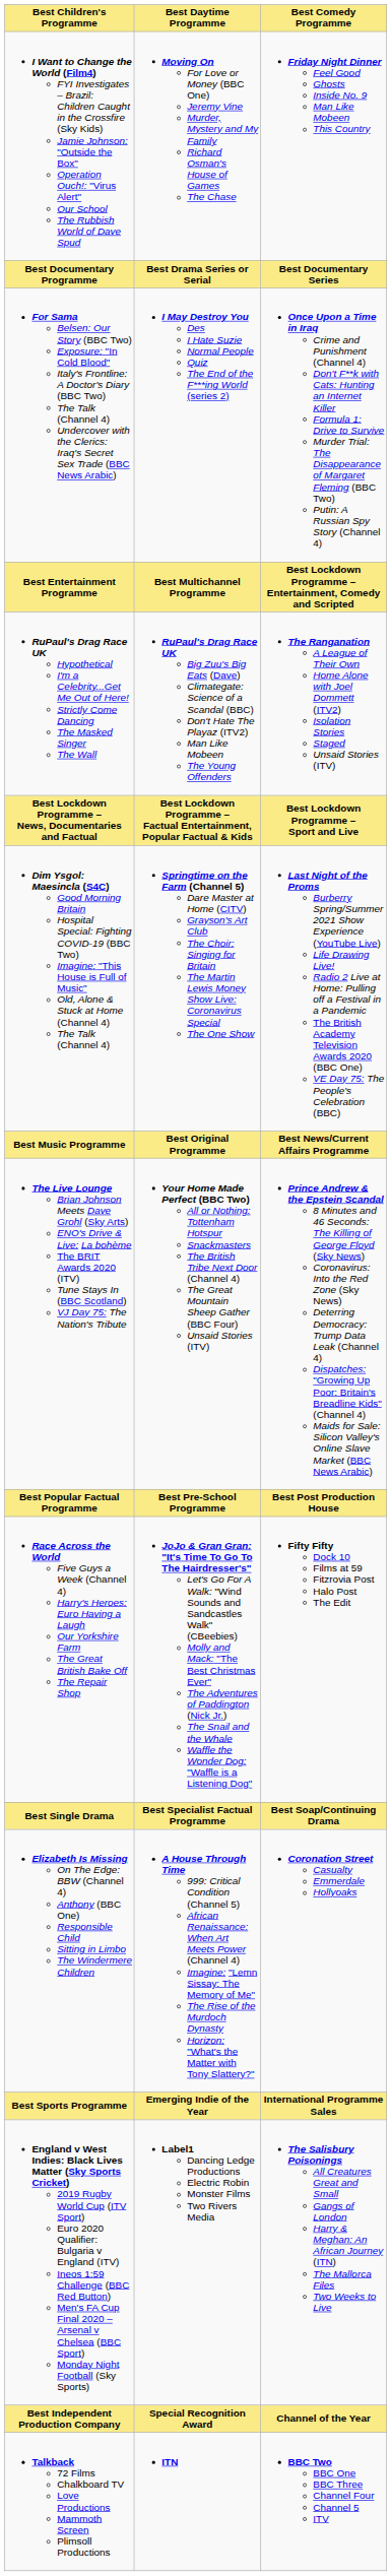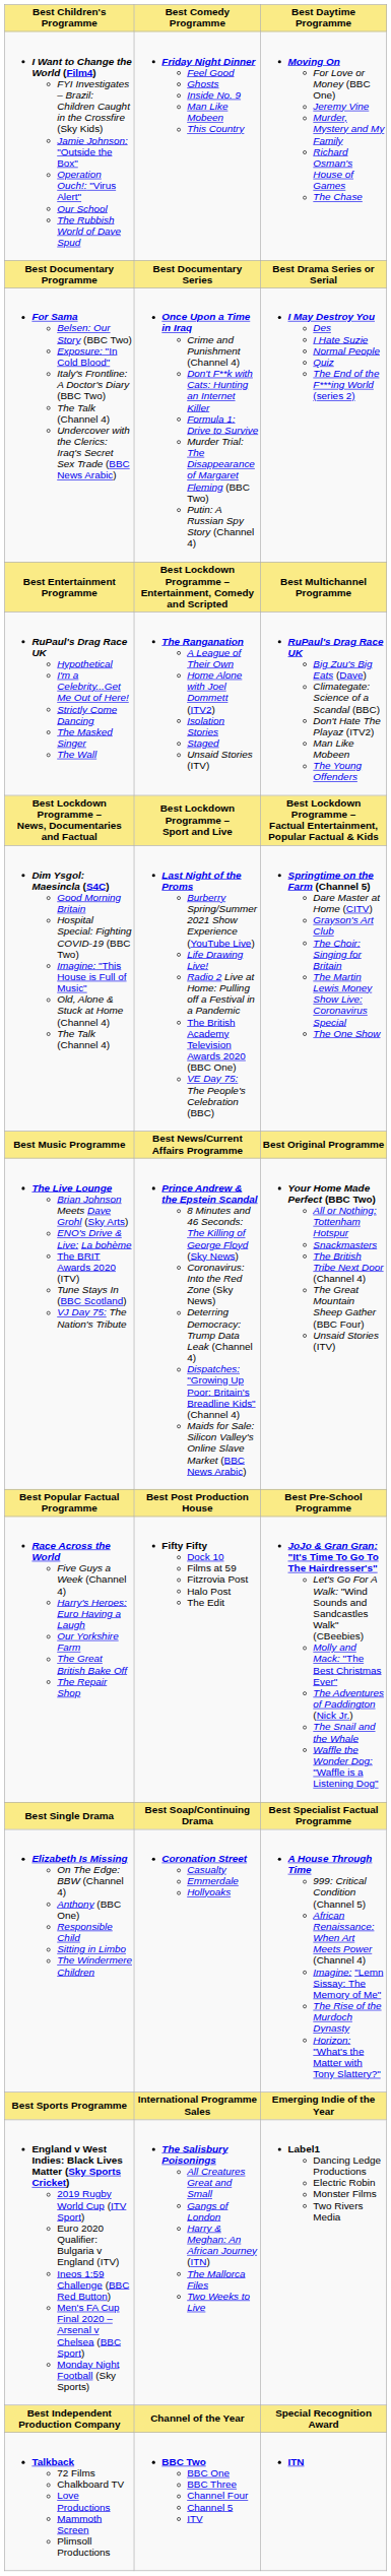 <table class=wikitable style=font-size:100%>
 <tr>
 <th style="background:#FAEB86;" width="34%">Best Children's Programme</th>
+<th style="background:#FAEB86;" width="33%">Best Comedy Programme</th>
 <th style="background:#FAEB86;" width="33%">Best Daytime Programme</th>
-<th style="background:#FAEB86;" width="33%">Best Comedy Programme</th>
 </tr>
 <tr>
 <td valign="top"><br><ul><li><strong><em>I Want to Change the World</em></strong> <strong>(<a href='#'>Film4</a>)</strong><ul><li><em>FYI Investigates – Brazil: Children Caught in the Crossfire</em> (Sky Kids)</li><li><a href='#'><em>Jamie Johnson:</em> "Outside the Box"</a></li><li><a href='#'><em>Operation Ouch!:</em> "Virus Alert"</a></li><li><em><a href='#'>Our School</a></em></li><li><em><a href='#'>The Rubbish World of Dave Spud</a></em></li></ul></li></ul></td>
+<td valign="top"><br><ul><li><strong><em><a href='#'>Friday Night Dinner</a></em></strong><ul><li><em><a href='#'>Feel Good</a></em></li><li><em><a href='#'>Ghosts</a></em></li><li><em><a href='#'>Inside No. 9</a></em></li><li><em><a href='#'>Man Like Mobeen</a></em></li><li><em><a href='#'>This Country</a></em></li></ul></li></ul></td>
 <td valign="top"><br><ul><li><strong><em><a href='#'>Moving On</a></em></strong><ul><li><em>For Love or Money</em> (BBC One)</li><li><em><a href='#'>Jeremy Vine</a></em></li><li><em><a href='#'>Murder, Mystery and My Family</a></em></li><li><em><a href='#'>Richard Osman's House of Games</a></em></li><li><em><a href='#'>The Chase</a></em></li></ul></li></ul></td>
-<td valign="top"><br><ul><li><strong><em><a href='#'>Friday Night Dinner</a></em></strong><ul><li><em><a href='#'>Feel Good</a></em></li><li><em><a href='#'>Ghosts</a></em></li><li><em><a href='#'>Inside No. 9</a></em></li><li><em><a href='#'>Man Like Mobeen</a></em></li><li><em><a href='#'>This Country</a></em></li></ul></li></ul></td>
 </tr>
 <tr>
 <th style="background:#FAEB86;" width="34%">Best Documentary Programme</th>
+<th style="background:#FAEB86;" width="33%">Best Documentary Series</th>
 <th style="background:#FAEB86;" width="33%">Best Drama Series or Serial</th>
-<th style="background:#FAEB86;" width="33%">Best Documentary Series</th>
 </tr>
 <tr>
 <td valign="top"><br><ul><li><strong><em><a href='#'>For Sama</a></em></strong><ul><li><em><a href='#'>Belsen: Our Story</a></em> (BBC Two)</li><li><a href='#'><em>Exposure:</em> "In Cold Blood"</a></li><li><em>Italy's Frontline: A Doctor's Diary</em> (BBC Two)</li><li><em>The Talk</em> (Channel 4)</li><li><em>Undercover with the Clerics: Iraq's Secret Sex Trade</em> (<a href='#'>BBC News Arabic</a>)</li></ul></li></ul></td>
+<td valign="top"><br><ul><li><strong><em><a href='#'>Once Upon a Time in Iraq</a></em></strong><ul><li><em>Crime and Punishment</em> (Channel 4)</li><li><em><a href='#'>Don't F**k with Cats: Hunting an Internet Killer</a></em></li><li><em><a href='#'>Formula 1: Drive to Survive</a></em></li><li><em>Murder Trial: <a href='#'>The Disappearance of Margaret Fleming</a></em> (BBC Two)</li><li><em>Putin: A Russian Spy Story</em> (Channel 4)</li></ul></li></ul></td>
 <td valign="top"><br><ul><li><strong><em><a href='#'>I May Destroy You</a></em></strong><ul><li><em><a href='#'>Des</a></em></li><li><em><a href='#'>I Hate Suzie</a></em></li><li><em><a href='#'>Normal People</a></em></li><li><em><a href='#'>Quiz</a></em></li><li><a href='#'><em>The End of the F***ing World</em> (series 2)</a></li></ul></li></ul></td>
-<td valign="top"><br><ul><li><strong><em><a href='#'>Once Upon a Time in Iraq</a></em></strong><ul><li><em>Crime and Punishment</em> (Channel 4)</li><li><em><a href='#'>Don't F**k with Cats: Hunting an Internet Killer</a></em></li><li><em><a href='#'>Formula 1: Drive to Survive</a></em></li><li><em>Murder Trial: <a href='#'>The Disappearance of Margaret Fleming</a></em> (BBC Two)</li><li><em>Putin: A Russian Spy Story</em> (Channel 4)</li></ul></li></ul></td>
 </tr>
 <tr>
 <th style="background:#FAEB86;" width="34%">Best Entertainment Programme</th>
+<th style="background:#FAEB86;" width="33%">Best Lockdown Programme – <br>Entertainment, Comedy and Scripted</th>
 <th style="background:#FAEB86;" width="33%">Best Multichannel Programme</th>
-<th style="background:#FAEB86;" width="33%">Best Lockdown Programme – <br>Entertainment, Comedy and Scripted</th>
 </tr>
 <tr>
 <td valign="top"><br><ul><li><strong><em>RuPaul's Drag Race UK</em></strong><ul><li><em><a href='#'>Hypothetical</a></em></li><li><em><a href='#'>I'm a Celebrity...Get Me Out of Here!</a></em></li><li><em><a href='#'>Strictly Come Dancing</a></em></li><li><em><a href='#'>The Masked Singer</a></em></li><li><em><a href='#'>The Wall</a></em></li></ul></li></ul></td>
+<td valign="top"><br><ul><li><strong><em><a href='#'>The Ranganation</a></em></strong><ul><li><em><a href='#'>A League of Their Own</a></em></li><li><em><a href='#'>Home Alone with Joel Dommett</a></em> (<a href='#'>ITV2</a>)</li><li><em><a href='#'>Isolation Stories</a></em></li><li><em><a href='#'>Staged</a></em></li><li><em>Unsaid Stories</em> (ITV)</li></ul></li></ul></td>
 <td valign="top"><br><ul><li><strong><em><a href='#'>RuPaul's Drag Race UK</a></em></strong><ul><li><em><a href='#'>Big Zuu's Big Eats</a></em> (<a href='#'>Dave</a>)</li><li><em>Climategate: Science of a Scandal</em> (BBC)</li><li><em>Don't Hate The Playaz</em> (ITV2)</li><li><em>Man Like Mobeen</em></li><li><em><a href='#'>The Young Offenders</a></em></li></ul></li></ul></td>
-<td valign="top"><br><ul><li><strong><em><a href='#'>The Ranganation</a></em></strong><ul><li><em><a href='#'>A League of Their Own</a></em></li><li><em><a href='#'>Home Alone with Joel Dommett</a></em> (<a href='#'>ITV2</a>)</li><li><em><a href='#'>Isolation Stories</a></em></li><li><em><a href='#'>Staged</a></em></li><li><em>Unsaid Stories</em> (ITV)</li></ul></li></ul></td>
 </tr>
 <tr>
 <th style="background:#FAEB86;" width="33%">Best Lockdown Programme – <br>News, Documentaries and Factual</th>
+<th style="background:#FAEB86;" width="33%">Best Lockdown Programme – <br>Sport and Live</th>
 <th style="background:#FAEB86;" width="33%">Best Lockdown Programme – <br>Factual Entertainment, Popular Factual & Kids</th>
-<th style="background:#FAEB86;" width="33%">Best Lockdown Programme – <br>Sport and Live</th>
 </tr>
 <tr>
 <td valign="top"><br><ul><li><strong><em>Dim Ysgol: Maesincla</em></strong> <strong>(<a href='#'>S4C</a>)</strong><ul><li><em><a href='#'>Good Morning Britain</a></em></li><li><em>Hospital Special: Fighting COVID-19</em> (BBC Two)</li><li><a href='#'><em>Imagine:</em> "This House is Full of Music"</a></li><li><em>Old, Alone & Stuck at Home</em> (Channel 4)</li><li><em>The Talk</em> (Channel 4)</li></ul></li></ul></td>
+<td valign="top"><br><ul><li><strong><em><a href='#'>Last Night of the Proms</a></em></strong><ul><li><em><a href='#'>Burberry</a> Spring/Summer 2021 Show Experience</em> (<a href='#'>YouTube Live</a>)</li><li><em><a href='#'>Life Drawing Live!</a></em></li><li><em><a href='#'>Radio 2</a> Live at Home: Pulling off a Festival in a Pandemic</em></li><li><a href='#'>The British Academy Television Awards 2020</a> (BBC One)</li><li><em><a href='#'>VE Day 75:</a> The People's Celebration</em> (BBC)</li></ul></li></ul></td>
 <td valign="top"><br><ul><li><strong><em><a href='#'>Springtime on the Farm</a></em></strong> <strong>(Channel 5)</strong><ul><li><em>Dare Master at Home</em> (<a href='#'>CITV</a>)</li><li><em><a href='#'>Grayson's Art Club</a></em></li><li><em><a href='#'>The Choir: Singing for Britain</a></em></li><li><em><a href='#'>The Martin Lewis Money Show Live: Coronavirus Special</a></em></li><li><em><a href='#'>The One Show</a></em></li></ul></li></ul></td>
-<td valign="top"><br><ul><li><strong><em><a href='#'>Last Night of the Proms</a></em></strong><ul><li><em><a href='#'>Burberry</a> Spring/Summer 2021 Show Experience</em> (<a href='#'>YouTube Live</a>)</li><li><em><a href='#'>Life Drawing Live!</a></em></li><li><em><a href='#'>Radio 2</a> Live at Home: Pulling off a Festival in a Pandemic</em></li><li><a href='#'>The British Academy Television Awards 2020</a> (BBC One)</li><li><em><a href='#'>VE Day 75:</a> The People's Celebration</em> (BBC)</li></ul></li></ul></td>
 </tr>
 <tr>
 <th style="background:#FAEB86;" width="34%">Best Music Programme</th>
+<th style="background:#FAEB86;" width="33%">Best News/Current Affairs Programme</th>
 <th style="background:#FAEB86;" width="33%">Best Original Programme</th>
-<th style="background:#FAEB86;" width="33%">Best News/Current Affairs Programme</th>
 </tr>
 <tr>
 <td valign="top"><br><ul><li><strong><em><a href='#'>The Live Lounge</a></em></strong><ul><li><em><a href='#'>Brian Johnson</a> Meets <a href='#'>Dave Grohl</a></em> (<a href='#'>Sky Arts</a>)</li><li><em><a href='#'>ENO's Drive & Live:</a> <a href='#'>La bohème</a></em></li><li><a href='#'>The BRIT Awards 2020</a> (ITV)</li><li><em>Tune Stays In</em> (<a href='#'>BBC Scotland</a>)</li><li><em><a href='#'>VJ Day 75:</a> The Nation's Tribute</em></li></ul></li></ul></td>
+<td valign="top"><br><ul><li><strong><em><a href='#'>Prince Andrew & the Epstein Scandal</a></em></strong><ul><li><em>8 Minutes and 46 Seconds: <a href='#'>The Killing of George Floyd</a></em> (<a href='#'>Sky News</a>)</li><li><em>Coronavirus: Into the Red Zone</em> (Sky News)</li><li><em>Deterring Democracy: Trump Data Leak</em> (Channel 4)</li><li><a href='#'><em>Dispatches:</em> "Growing Up Poor: Britain's Breadline Kids"</a> (Channel 4)</li><li><em>Maids for Sale: Silicon Valley's Online Slave Market</em> (<a href='#'>BBC News Arabic</a>)</li></ul></li></ul></td>
 <td valign="top"><br><ul><li><strong><em>Your Home Made Perfect</em></strong> <strong>(BBC Two)</strong><ul><li><em><a href='#'>All or Nothing: Tottenham Hotspur</a></em></li><li><em><a href='#'>Snackmasters</a></em></li><li><em><a href='#'>The British Tribe Next Door</a></em> (Channel 4)</li><li><em>The Great Mountain Sheep Gather</em> (BBC Four)</li><li><em>Unsaid Stories</em> (ITV)</li></ul></li></ul></td>
-<td valign="top"><br><ul><li><strong><em><a href='#'>Prince Andrew & the Epstein Scandal</a></em></strong><ul><li><em>8 Minutes and 46 Seconds: <a href='#'>The Killing of George Floyd</a></em> (<a href='#'>Sky News</a>)</li><li><em>Coronavirus: Into the Red Zone</em> (Sky News)</li><li><em>Deterring Democracy: Trump Data Leak</em> (Channel 4)</li><li><a href='#'><em>Dispatches:</em> "Growing Up Poor: Britain's Breadline Kids"</a> (Channel 4)</li><li><em>Maids for Sale: Silicon Valley's Online Slave Market</em> (<a href='#'>BBC News Arabic</a>)</li></ul></li></ul></td>
 </tr>
 <tr>
 <th style="background:#FAEB86;" width="34%">Best Popular Factual Programme</th>
+<th style="background:#FAEB86;" width="33%">Best Post Production House</th>
 <th style="background:#FAEB86;" width="33%">Best Pre-School Programme</th>
-<th style="background:#FAEB86;" width="33%">Best Post Production House</th>
 </tr>
 <tr>
 <td valign="top"><br><ul><li><strong><em><a href='#'>Race Across the World</a></em></strong><ul><li><em>Five Guys a Week</em> (Channel 4)</li><li><em><a href='#'>Harry's Heroes: Euro Having a Laugh</a></em></li><li><em><a href='#'>Our Yorkshire Farm</a></em></li><li><em><a href='#'>The Great British Bake Off</a></em></li><li><em><a href='#'>The Repair Shop</a></em></li></ul></li></ul></td>
+<td valign="top"><br><ul><li><strong>Fifty Fifty</strong><ul><li><a href='#'>Dock 10</a></li><li>Films at 59</li><li>Fitzrovia Post</li><li>Halo Post</li><li>The Edit</li></ul></li></ul></td>
 <td valign="top"><br><ul><li><a href='#'><strong><em>JoJo & Gran Gran:</em></strong> <strong>"It's Time To Go To The Hairdresser's"</strong></a><ul><li><em>Let's Go For A Walk:</em> "Wind Sounds and Sandcastles Walk" (CBeebies)</li><li><a href='#'><em>Molly and Mack:</em> "The Best Christmas Ever"</a></li><li><em><a href='#'>The Adventures of Paddington</a></em> (<a href='#'>Nick Jr.</a>)</li><li><em><a href='#'>The Snail and the Whale</a></em></li><li><a href='#'><em>Waffle the Wonder Dog:</em> "Waffle is a Listening Dog"</a></li></ul></li></ul></td>
-<td valign="top"><br><ul><li><strong>Fifty Fifty</strong><ul><li><a href='#'>Dock 10</a></li><li>Films at 59</li><li>Fitzrovia Post</li><li>Halo Post</li><li>The Edit</li></ul></li></ul></td>
 </tr>
 <tr>
 <th style="background:#FAEB86;" width="34%">Best Single Drama</th>
+<th style="background:#FAEB86;" width="33%">Best Soap/Continuing Drama</th>
 <th style="background:#FAEB86;" width="33%">Best Specialist Factual Programme</th>
-<th style="background:#FAEB86;" width="33%">Best Soap/Continuing Drama</th>
 </tr>
 <tr>
 <td valign="top"><br><ul><li><strong><em><a href='#'>Elizabeth Is Missing</a></em></strong><ul><li><em>On The Edge: BBW</em> (Channel 4)</li><li><em><a href='#'>Anthony</a></em> (BBC One)</li><li><em><a href='#'>Responsible Child</a></em></li><li><em><a href='#'>Sitting in Limbo</a></em></li><li><em><a href='#'>The Windermere Children</a></em></li></ul></li></ul></td>
+<td valign="top"><br><ul><li><strong><em><a href='#'>Coronation Street</a></em></strong><ul><li><em><a href='#'>Casualty</a></em></li><li><em><a href='#'>Emmerdale</a></em></li><li><em><a href='#'>Hollyoaks</a></em></li></ul></li></ul></td>
 <td valign="top"><br><ul><li><strong><em><a href='#'>A House Through Time</a></em></strong><ul><li><em>999: Critical Condition</em> (Channel 5)</li><li><em><a href='#'>African Renaissance: When Art Meets Power</a></em> (Channel 4)</li><li><em><a href='#'>Imagine:</a></em> <a href='#'>"Lemn Sissay: The Memory of Me"</a></li><li><em><a href='#'>The Rise of the Murdoch Dynasty</a></em></li><li><em><a href='#'>Horizon:</a></em> <a href='#'>"What's the Matter with Tony Slattery?"</a></li></ul></li></ul></td>
-<td valign="top"><br><ul><li><strong><em><a href='#'>Coronation Street</a></em></strong><ul><li><em><a href='#'>Casualty</a></em></li><li><em><a href='#'>Emmerdale</a></em></li><li><em><a href='#'>Hollyoaks</a></em></li></ul></li></ul></td>
 </tr>
 <tr>
 <th style="background:#FAEB86;" width="33%">Best Sports Programme</th>
+<th style="background:#FAEB86;" width="33%">International Programme Sales</th>
 <th style="background:#FAEB86;" width="33%">Emerging Indie of the Year</th>
-<th style="background:#FAEB86;" width="33%">International Programme Sales</th>
 </tr>
 <tr>
 <td valign="top"><br><ul><li><strong>England v West Indies: Black Lives Matter (<a href='#'>Sky Sports Cricket</a>)</strong><ul><li><a href='#'>2019 Rugby World Cup</a> (<a href='#'>ITV Sport</a>)</li><li>Euro 2020 Qualifier: Bulgaria v England (ITV)</li><li><a href='#'>Ineos 1:59 Challenge</a> (<a href='#'>BBC Red Button</a>)</li><li><a href='#'>Men's FA Cup Final 2020 – Arsenal v Chelsea</a> (<a href='#'>BBC Sport</a>)</li><li><a href='#'>Monday Night Football</a> (Sky Sports)</li></ul></li></ul></td>
+<td valign="top"><br><ul><li><strong><em><a href='#'>The Salisbury Poisonings</a></em></strong><ul><li><em><a href='#'>All Creatures Great and Small</a></em></li><li><em><a href='#'>Gangs of London</a></em></li><li><em><a href='#'>Harry & Meghan: An African Journey</a></em> (<a href='#'>ITN</a>)</li><li><em><a href='#'>The Mallorca Files</a></em></li><li><em><a href='#'>Two Weeks to Live</a></em></li></ul></li></ul></td>
 <td valign="top"><br><ul><li><strong>Label1</strong><ul><li>Dancing Ledge Productions</li><li>Electric Robin</li><li>Monster Films</li><li>Two Rivers Media</li></ul></li></ul></td>
-<td valign="top"><br><ul><li><strong><em><a href='#'>The Salisbury Poisonings</a></em></strong><ul><li><em><a href='#'>All Creatures Great and Small</a></em></li><li><em><a href='#'>Gangs of London</a></em></li><li><em><a href='#'>Harry & Meghan: An African Journey</a></em> (<a href='#'>ITN</a>)</li><li><em><a href='#'>The Mallorca Files</a></em></li><li><em><a href='#'>Two Weeks to Live</a></em></li></ul></li></ul></td>
 </tr>
 <tr>
 <th style="background:#FAEB86;" width="33%">Best Independent Production Company</th>
+<th style="background:#FAEB86;" width="33%">Channel of the Year</th>
 <th style="background:#FAEB86;" width="33%">Special Recognition Award</th>
-<th style="background:#FAEB86;" width="33%">Channel of the Year</th>
 </tr>
 <tr>
 <td valign="top"><br><ul><li><strong><a href='#'>Talkback</a></strong><ul><li>72 Films</li><li>Chalkboard TV</li><li><a href='#'>Love Productions</a></li><li><a href='#'>Mammoth Screen</a></li><li>Plimsoll Productions</li></ul></li></ul></td>
+<td valign="top"><br><ul><li><strong><a href='#'>BBC Two</a></strong><ul><li><a href='#'>BBC One</a></li><li><a href='#'>BBC Three</a></li><li><a href='#'>Channel Four</a></li><li><a href='#'>Channel 5</a></li><li><a href='#'>ITV</a></li></ul></li></ul></td>
 <td valign="top"><br><ul><li><strong><a href='#'>ITN</a></strong></li></ul></td>
-<td valign="top"><br><ul><li><strong><a href='#'>BBC Two</a></strong><ul><li><a href='#'>BBC One</a></li><li><a href='#'>BBC Three</a></li><li><a href='#'>Channel Four</a></li><li><a href='#'>Channel 5</a></li><li><a href='#'>ITV</a></li></ul></li></ul></td>
 </tr>
 </table>
